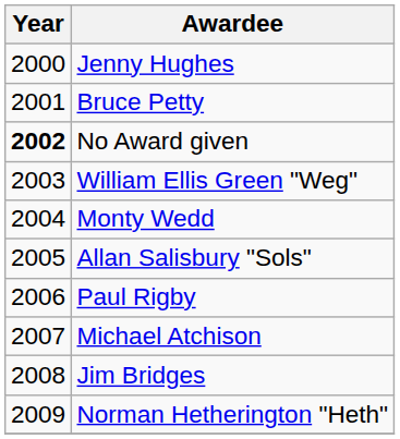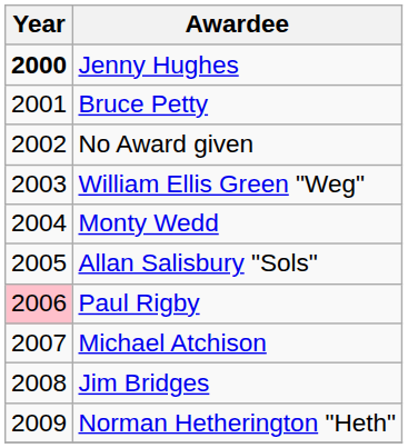 <table class="wikitable">
 <tr>
 <th align="left">Year</th>
 <th align="left">Awardee</th>
 </tr>
 <tr>
-<td align="left">2000</td>
+<td align="left"><strong>2000</strong></td>
 <td align="centr"><a href='#'>Jenny Hughes</a></td>
 </tr>
 <tr>
 <td align="left">2001</td>
 <td align="centr"><a href='#'>Bruce Petty</a></td>
 </tr>
 <tr>
-<td align="left"><strong>2002</strong></td>
+<td align="left">2002</td>
 <td align="centr">No Award given</td>
 </tr>
 <tr>
 <td align="left">2003</td>
 <td align="centr"><a href='#'>William Ellis Green</a> "Weg"</td>
 </tr>
 <tr>
 <td align="left">2004</td>
 <td align="centr"><a href='#'>Monty Wedd</a></td>
 </tr>
 <tr>
 <td align="left">2005</td>
 <td align="centr"><a href='#'>Allan Salisbury</a> "Sols"</td>
 </tr>
 <tr>
-<td align="left">2006</td>
+<td align="left" style="background: pink;">2006</td>
 <td align="centr"><a href='#'>Paul Rigby</a></td>
 </tr>
 <tr>
 <td align="left">2007</td>
 <td align="centr"><a href='#'>Michael Atchison</a></td>
 </tr>
 <tr>
 <td align="left">2008</td>
 <td align="centr"><a href='#'>Jim Bridges</a></td>
 </tr>
 <tr>
 <td align="left">2009</td>
 <td align="centr"><a href='#'>Norman Hetherington</a> "Heth"</td>
 </tr>
 <tr>
 </tr>
 </table>
